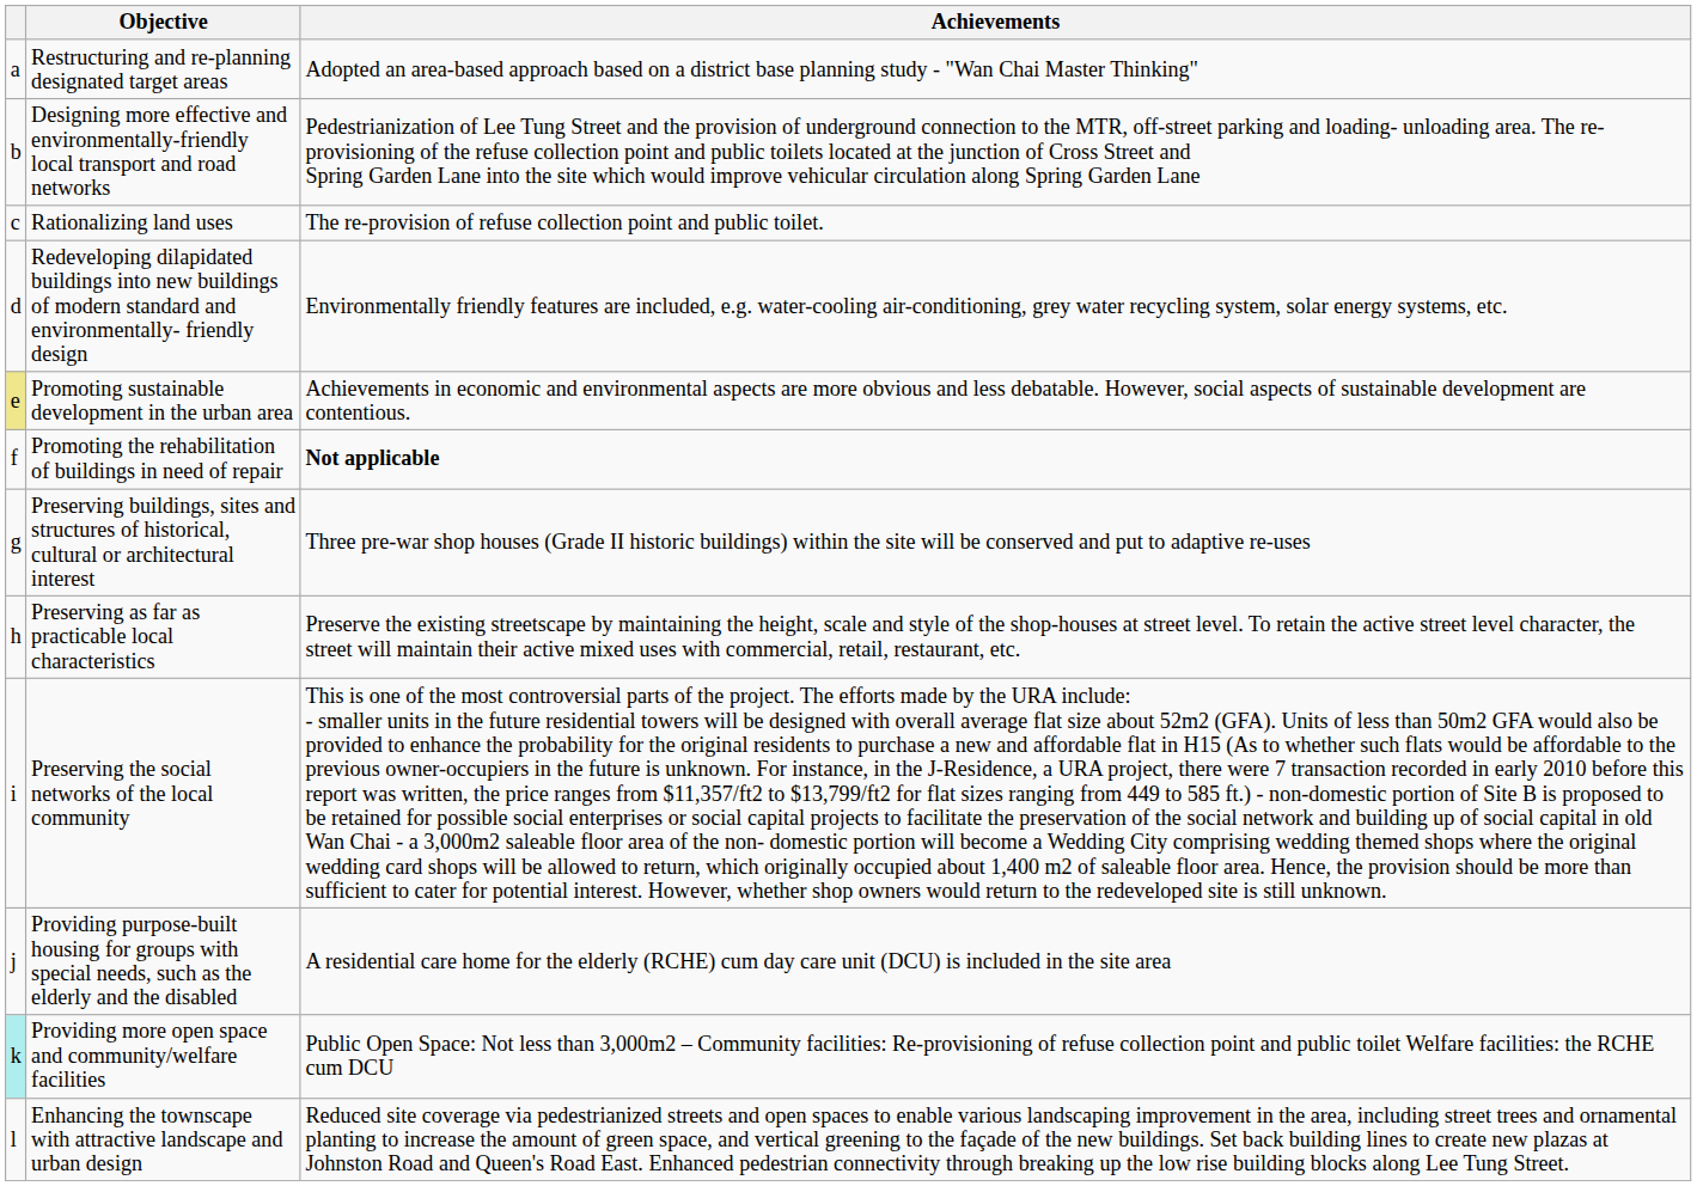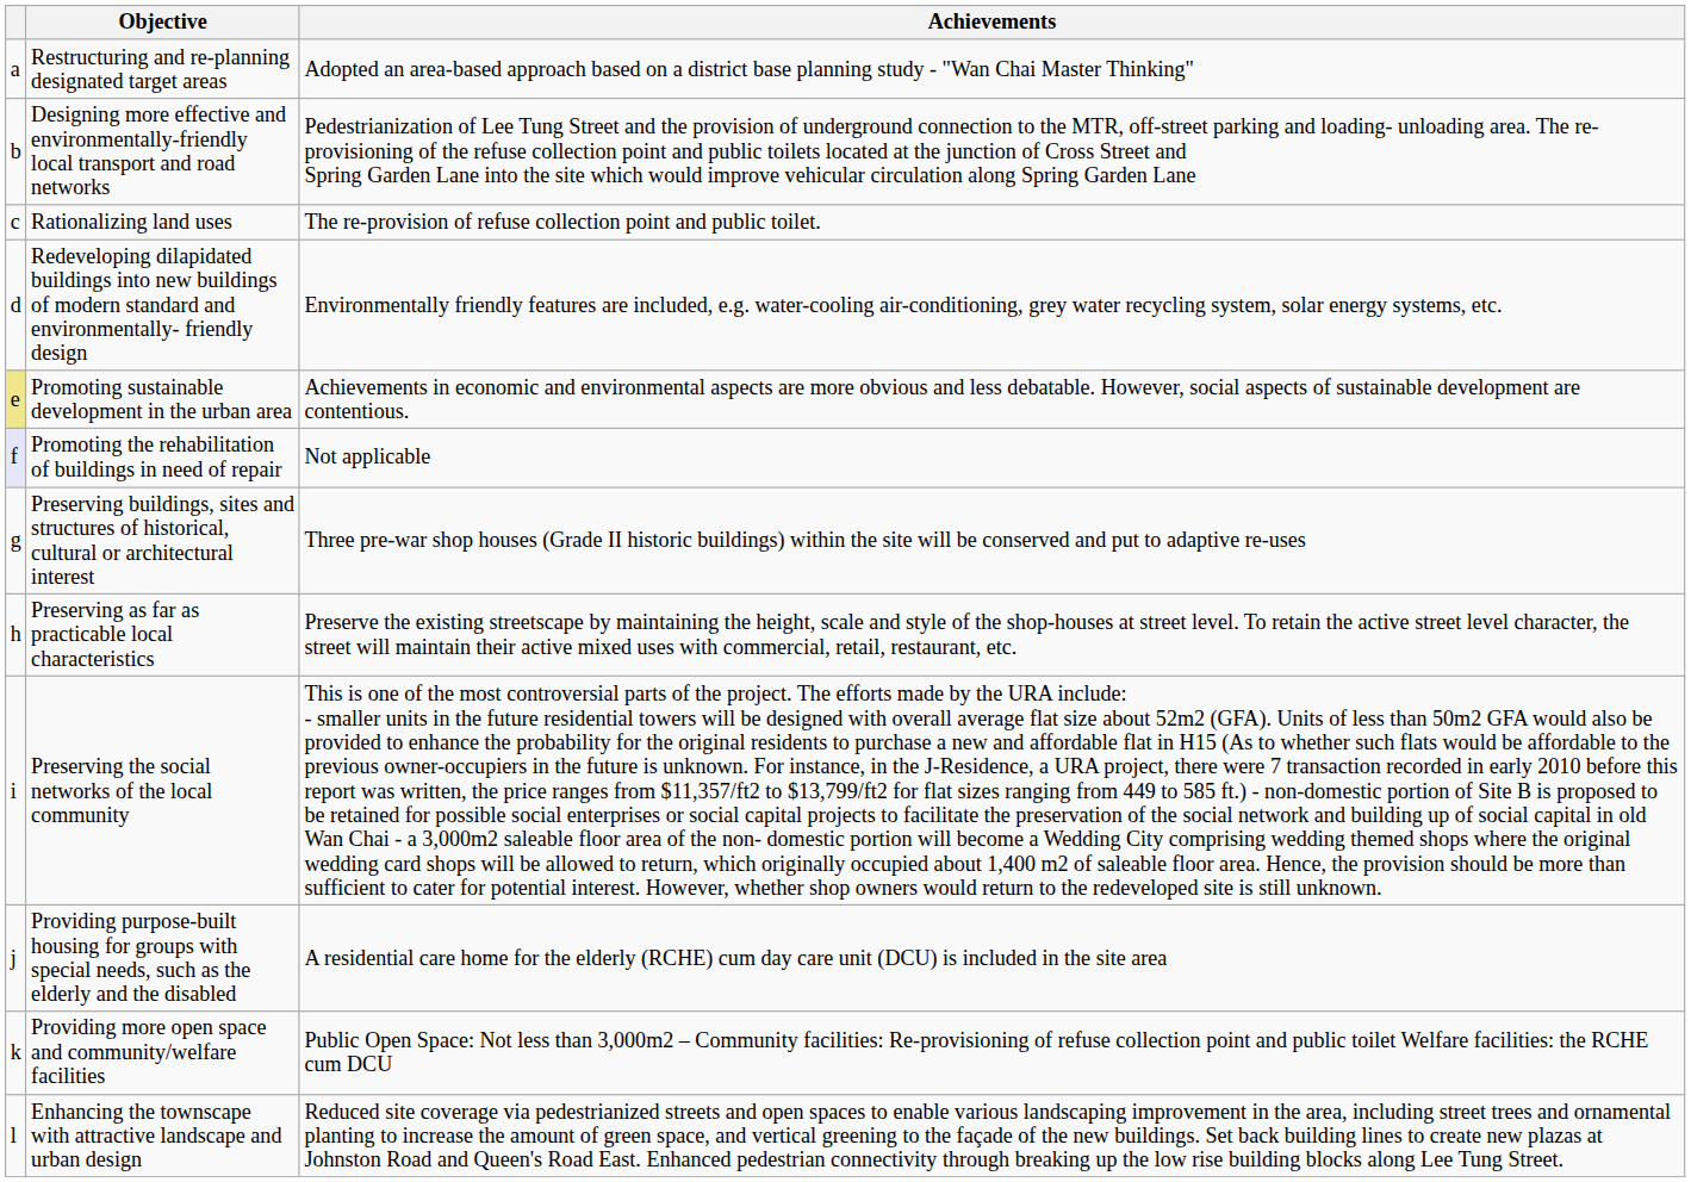 <table class="wikitable">
 <tr>
 <th></th>
 <th>Objective</th>
 <th>Achievements</th>
 </tr>
 <tr>
 <td>a</td>
 <td>Restructuring and re-planning designated target areas</td>
 <td>Adopted an area-based approach based on a district base planning study - "Wan Chai Master Thinking"</td>
 </tr>
 <tr>
 <td>b</td>
 <td>Designing more effective and environmentally-friendly local transport and road networks</td>
 <td>Pedestrianization of Lee Tung Street and the provision of underground connection to the MTR, off-street parking and loading- unloading area. The re-provisioning of the refuse collection point and public toilets located at the junction of Cross Street and<br>Spring Garden Lane into the site which would improve vehicular circulation along Spring Garden Lane</td>
 </tr>
 <tr>
 <td>c</td>
 <td>Rationalizing land uses</td>
 <td>The re-provision of refuse collection point and public toilet.</td>
 </tr>
 <tr>
 <td>d</td>
 <td>Redeveloping dilapidated buildings into new buildings of modern standard and environmentally- friendly design</td>
 <td>Environmentally friendly features are included, e.g. water-cooling air-conditioning, grey water recycling system, solar energy systems, etc.</td>
 </tr>
 <tr>
 <td style="background: khaki;">e</td>
 <td>Promoting sustainable development in the urban area</td>
 <td>Achievements in economic and environmental aspects are more obvious and less debatable. However, social aspects of sustainable development are contentious.</td>
 </tr>
 <tr>
-<td>f</td>
+<td style="background: lavender;">f</td>
 <td>Promoting the rehabilitation of buildings in need of repair</td>
-<td><strong>Not applicable</strong></td>
+<td>Not applicable</td>
 </tr>
 <tr>
 <td>g</td>
 <td>Preserving buildings, sites and structures of historical, cultural or architectural interest</td>
 <td>Three pre-war shop houses (Grade II historic buildings) within the site will be conserved and put to adaptive re-uses</td>
 </tr>
 <tr>
 <td>h</td>
 <td>Preserving as far as practicable local characteristics</td>
 <td>Preserve the existing streetscape by maintaining the height, scale and style of the shop-houses at street level. To retain the active street level character, the street will maintain their active mixed uses with commercial, retail, restaurant, etc.</td>
 </tr>
 <tr>
 <td>i</td>
 <td>Preserving the social networks of the local community</td>
 <td>This is one of the most controversial parts of the project. The efforts made by the URA include:<br>- smaller units in the future residential towers will be designed with overall average flat size about 52m2 (GFA). Units of less than 50m2 GFA would also be provided to enhance the probability for the original residents to purchase a new and affordable flat in H15 (As to whether such flats would be affordable to the previous owner-occupiers in the future is unknown. For instance, in the J-Residence, a URA project, there were 7 transaction recorded in early 2010 before this report was written, the price ranges from $11,357/ft2 to $13,799/ft2 for flat sizes ranging from 449 to 585 ft.) - non-domestic portion of Site B is proposed to be retained for possible social enterprises or social capital projects to facilitate the preservation of the social network and building up of social capital in old Wan Chai - a 3,000m2 saleable floor area of the non- domestic portion will become a Wedding City comprising wedding themed shops where the original wedding card shops will be allowed to return, which originally occupied about 1,400 m2 of saleable floor area. Hence, the provision should be more than sufficient to cater for potential interest. However, whether shop owners would return to the redeveloped site is still unknown.</td>
 </tr>
 <tr>
 <td>j</td>
 <td>Providing purpose-built housing for groups with special needs, such as the elderly and the disabled</td>
 <td>A residential care home for the elderly (RCHE) cum day care unit (DCU) is included in the site area</td>
 </tr>
 <tr>
-<td style="background: paleturquoise;">k</td>
+<td>k</td>
 <td>Providing more open space and community/welfare facilities</td>
 <td>Public Open Space: Not less than 3,000m2 – Community facilities: Re-provisioning of refuse collection point and public toilet Welfare facilities: the RCHE cum DCU</td>
 </tr>
 <tr>
 <td>l</td>
 <td>Enhancing the townscape with attractive landscape and urban design</td>
 <td>Reduced site coverage via pedestrianized streets and open spaces to enable various landscaping improvement in the area, including street trees and ornamental planting to increase the amount of green space, and vertical greening to the façade of the new buildings. Set back building lines to create new plazas at Johnston Road and Queen's Road East. Enhanced pedestrian connectivity through breaking up the low rise building blocks along Lee Tung Street.</td>
 </tr>
 </table>
